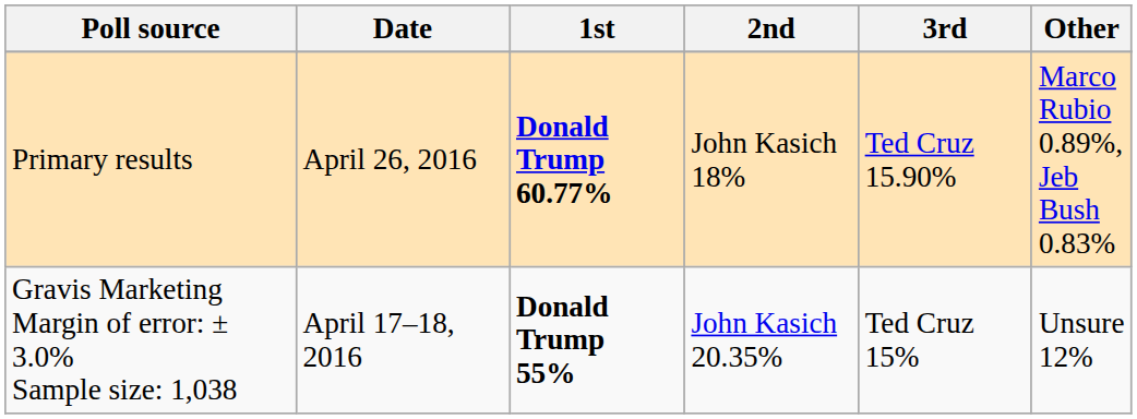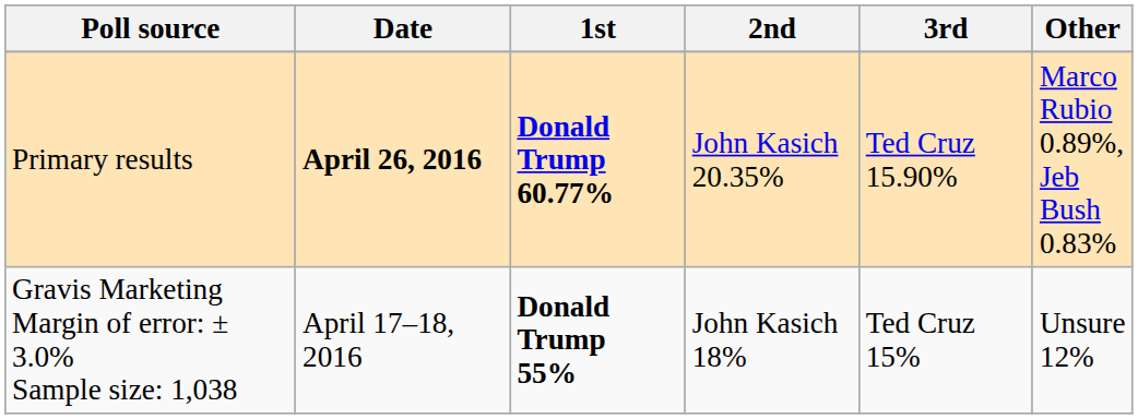 <table class="wikitable">
 <tr>
 <th style="width:180px;">Poll source</th>
 <th style="width:135px;">Date</th>
 <th style="width:100px;">1st</th>
 <th style="width:100px;">2nd</th>
 <th style="width:100px;">3rd</th>
 <th>Other</th>
 </tr>
 <tr>
 </tr>
 <tr style="background:Moccasin;">
 <td>Primary results</td>
-<td>April 26, 2016</td>
+<td><strong>April 26, 2016</strong></td>
 <td><strong><a href='#'>Donald Trump</a><br>60.77%</strong></td>
-<td>John Kasich<br>18%</td>
+<td><a href='#'>John Kasich</a><br>20.35%</td>
 <td><a href='#'>Ted Cruz</a><br>15.90%</td>
 <td><a href='#'>Marco Rubio</a> 0.89%, <a href='#'>Jeb Bush</a> 0.83%</td>
 </tr>
 <tr>
 <td>Gravis Marketing<br>Margin of error: ± 3.0% <br>Sample size: 1,038</td>
 <td>April 17–18, 2016</td>
 <td><strong>Donald Trump<br>55%</strong></td>
-<td><a href='#'>John Kasich</a><br>20.35%</td>
+<td>John Kasich<br>18%</td>
 <td>Ted Cruz<br>15%</td>
 <td>Unsure 12%</td>
 </tr>
 </table>
